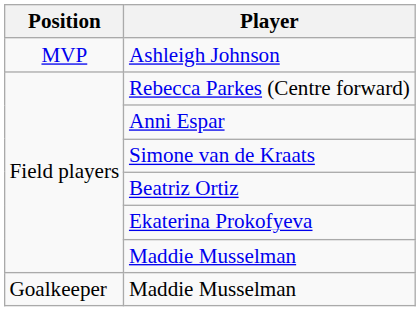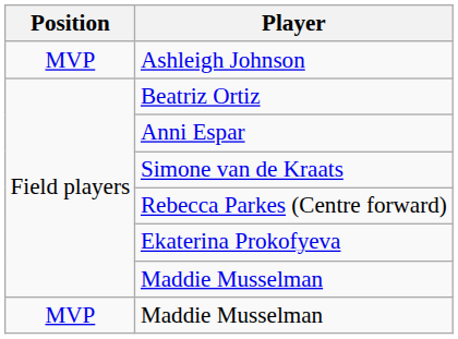 <table class="wikitable">
 <tr>
 <th>Position</th>
 <th>Player</th>
 </tr>
 <tr>
 <td align=center><a href='#'>MVP</a></td>
 <td> <a href='#'>Ashleigh Johnson</a></td>
 </tr>
 <tr>
 <td rowspan=6>Field players</td>
-<td> <a href='#'>Rebecca Parkes</a> (Centre forward)</td>
+<td> <a href='#'>Beatriz Ortiz</a></td>
 </tr>
 <tr>
 <td> <a href='#'>Anni Espar</a></td>
 </tr>
 <tr>
 <td> <a href='#'>Simone van de Kraats</a></td>
 </tr>
 <tr>
-<td> <a href='#'>Beatriz Ortiz</a></td>
+<td> <a href='#'>Rebecca Parkes</a> (Centre forward)</td>
 </tr>
 <tr>
 <td> <a href='#'>Ekaterina Prokofyeva</a></td>
 </tr>
 <tr>
 <td> <a href='#'>Maddie Musselman</a></td>
 </tr>
 <tr>
-<td>Goalkeeper</td>
+<td align=center><a href='#'>MVP</a></td>
 <td> Maddie Musselman</td>
 </tr>
 </table>
